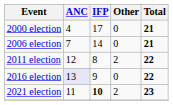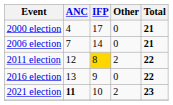 <table class="wikitable">
 <tr>
 <th>Event</th>
 <th><a href='#'>ANC</a></th>
 <th><a href='#'>IFP</a></th>
 <th>Other</th>
 <th>Total</th>
 </tr>
 <tr>
 <td><a href='#'>2000 election</a></td>
 <td>4</td>
 <td>17</td>
 <td>0</td>
 <td><strong>21</strong></td>
 </tr>
 <tr>
 <td><a href='#'>2006 election</a></td>
 <td>7</td>
 <td>14</td>
 <td>0</td>
 <td><strong>21</strong></td>
 </tr>
 <tr>
 <td><a href='#'>2011 election</a></td>
 <td>12</td>
-<td>8</td>
+<td style="background: gold;">8</td>
 <td>2</td>
 <td><strong>22</strong></td>
 </tr>
 <tr>
 <td><a href='#'>2016 election</a></td>
-<td style="background: lavender;">13</td>
+<td>13</td>
 <td>9</td>
 <td>0</td>
 <td><strong>22</strong></td>
 </tr>
 <tr>
 <td><a href='#'>2021 election</a></td>
-<td>11</td>
-<td><strong>10</strong></td>
+<td><strong>11</strong></td>
+<td>10</td>
 <td>2</td>
 <td><strong>23</strong></td>
 </tr>
 <tr>
 </tr>
 </table>
